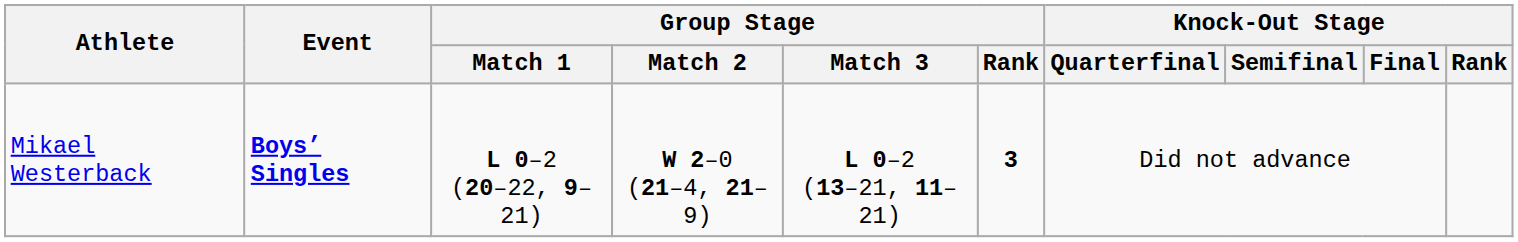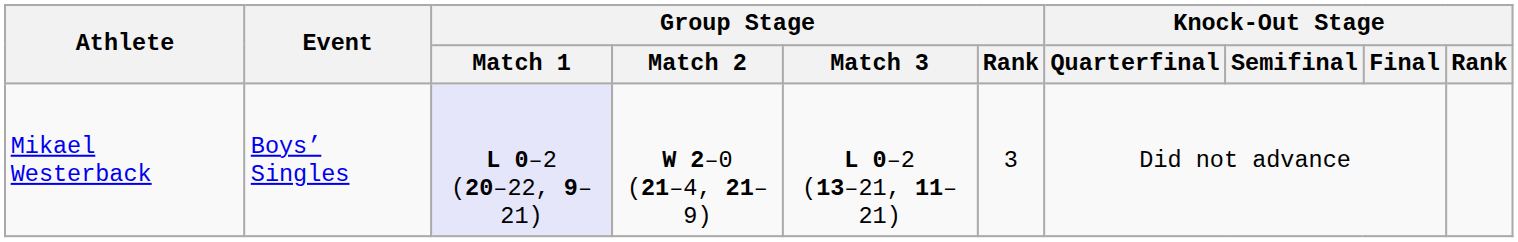 <table class="wikitable" width="85%" style="text-align:left; font-size:90%">
 <tr>
 <th rowspan=2>Athlete</th>
 <th rowspan=2>Event</th>
 <th colspan=4>Group Stage</th>
 <th colspan=4>Knock-Out Stage</th>
 </tr>
 <tr>
 <th>Match 1</th>
 <th>Match 2</th>
 <th>Match 3</th>
 <th>Rank</th>
 <th>Quarterfinal</th>
 <th>Semifinal</th>
 <th>Final</th>
 <th>Rank</th>
 </tr>
 <tr>
 <td><a href='#'>Mikael Westerback</a></td>
-<td><strong><a href='#'>Boys’ Singles</a></strong></td>
-<td align=center> <br><br><strong>L</strong> <strong>0</strong>–2 <br> (<strong>20</strong>–22, <strong>9</strong>–21)</td>
+<td><a href='#'>Boys’ Singles</a></td>
+<td align=center style="background: lavender;"> <br><br><strong>L</strong> <strong>0</strong>–2 <br> (<strong>20</strong>–22, <strong>9</strong>–21)</td>
 <td align=center> <br><br><strong>W</strong> <strong>2</strong>–0 <br> (<strong>21</strong>–4, <strong>21</strong>–9)</td>
 <td align=center> <br><br><strong>L</strong> <strong>0</strong>–2 <br> (<strong>13</strong>–21, <strong>11</strong>–21)</td>
-<td align=center><strong>3</strong></td>
+<td align=center>3</td>
 <td colspan="3" align=center>Did not advance</td>
 <td align=center></td>
 </tr>
 </table>
